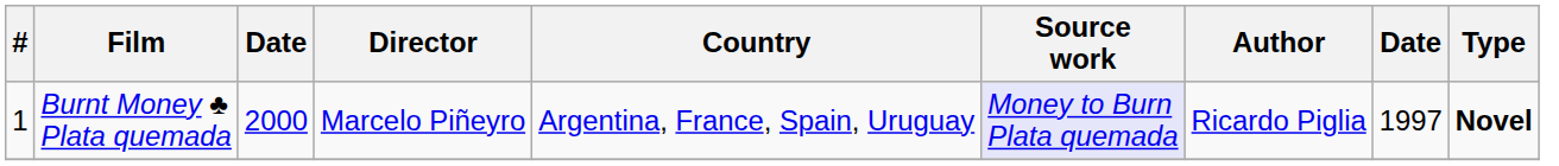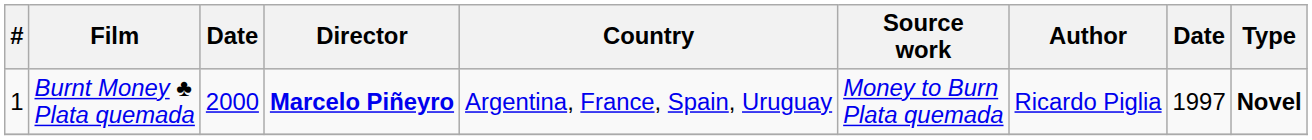 <table class="wikitable">
 <tr>
 <th>#</th>
 <th>Film</th>
 <th>Date</th>
 <th>Director</th>
 <th>Country</th>
 <th>Source<br>work</th>
 <th>Author</th>
 <th>Date</th>
 <th>Type</th>
 </tr>
 <tr>
 <td>1</td>
 <td><em><a href='#'>Burnt Money</a></em> ♣<br><em><a href='#'>Plata quemada</a></em></td>
 <td><a href='#'>2000</a></td>
-<td><a href='#'>Marcelo Piñeyro</a></td>
+<td><strong><a href='#'>Marcelo Piñeyro</a></strong></td>
 <td><a href='#'>Argentina</a>, <a href='#'>France</a>, <a href='#'>Spain</a>, <a href='#'>Uruguay</a></td>
-<td style="background: lavender;"><em><a href='#'>Money to Burn</a></em><br><em><a href='#'>Plata quemada</a></em></td>
+<td><em><a href='#'>Money to Burn</a></em><br><em><a href='#'>Plata quemada</a></em></td>
 <td><a href='#'>Ricardo Piglia</a></td>
 <td>1997</td>
 <td><strong>Novel</strong></td>
 </tr>
 <tr>
 </tr>
 </table>
